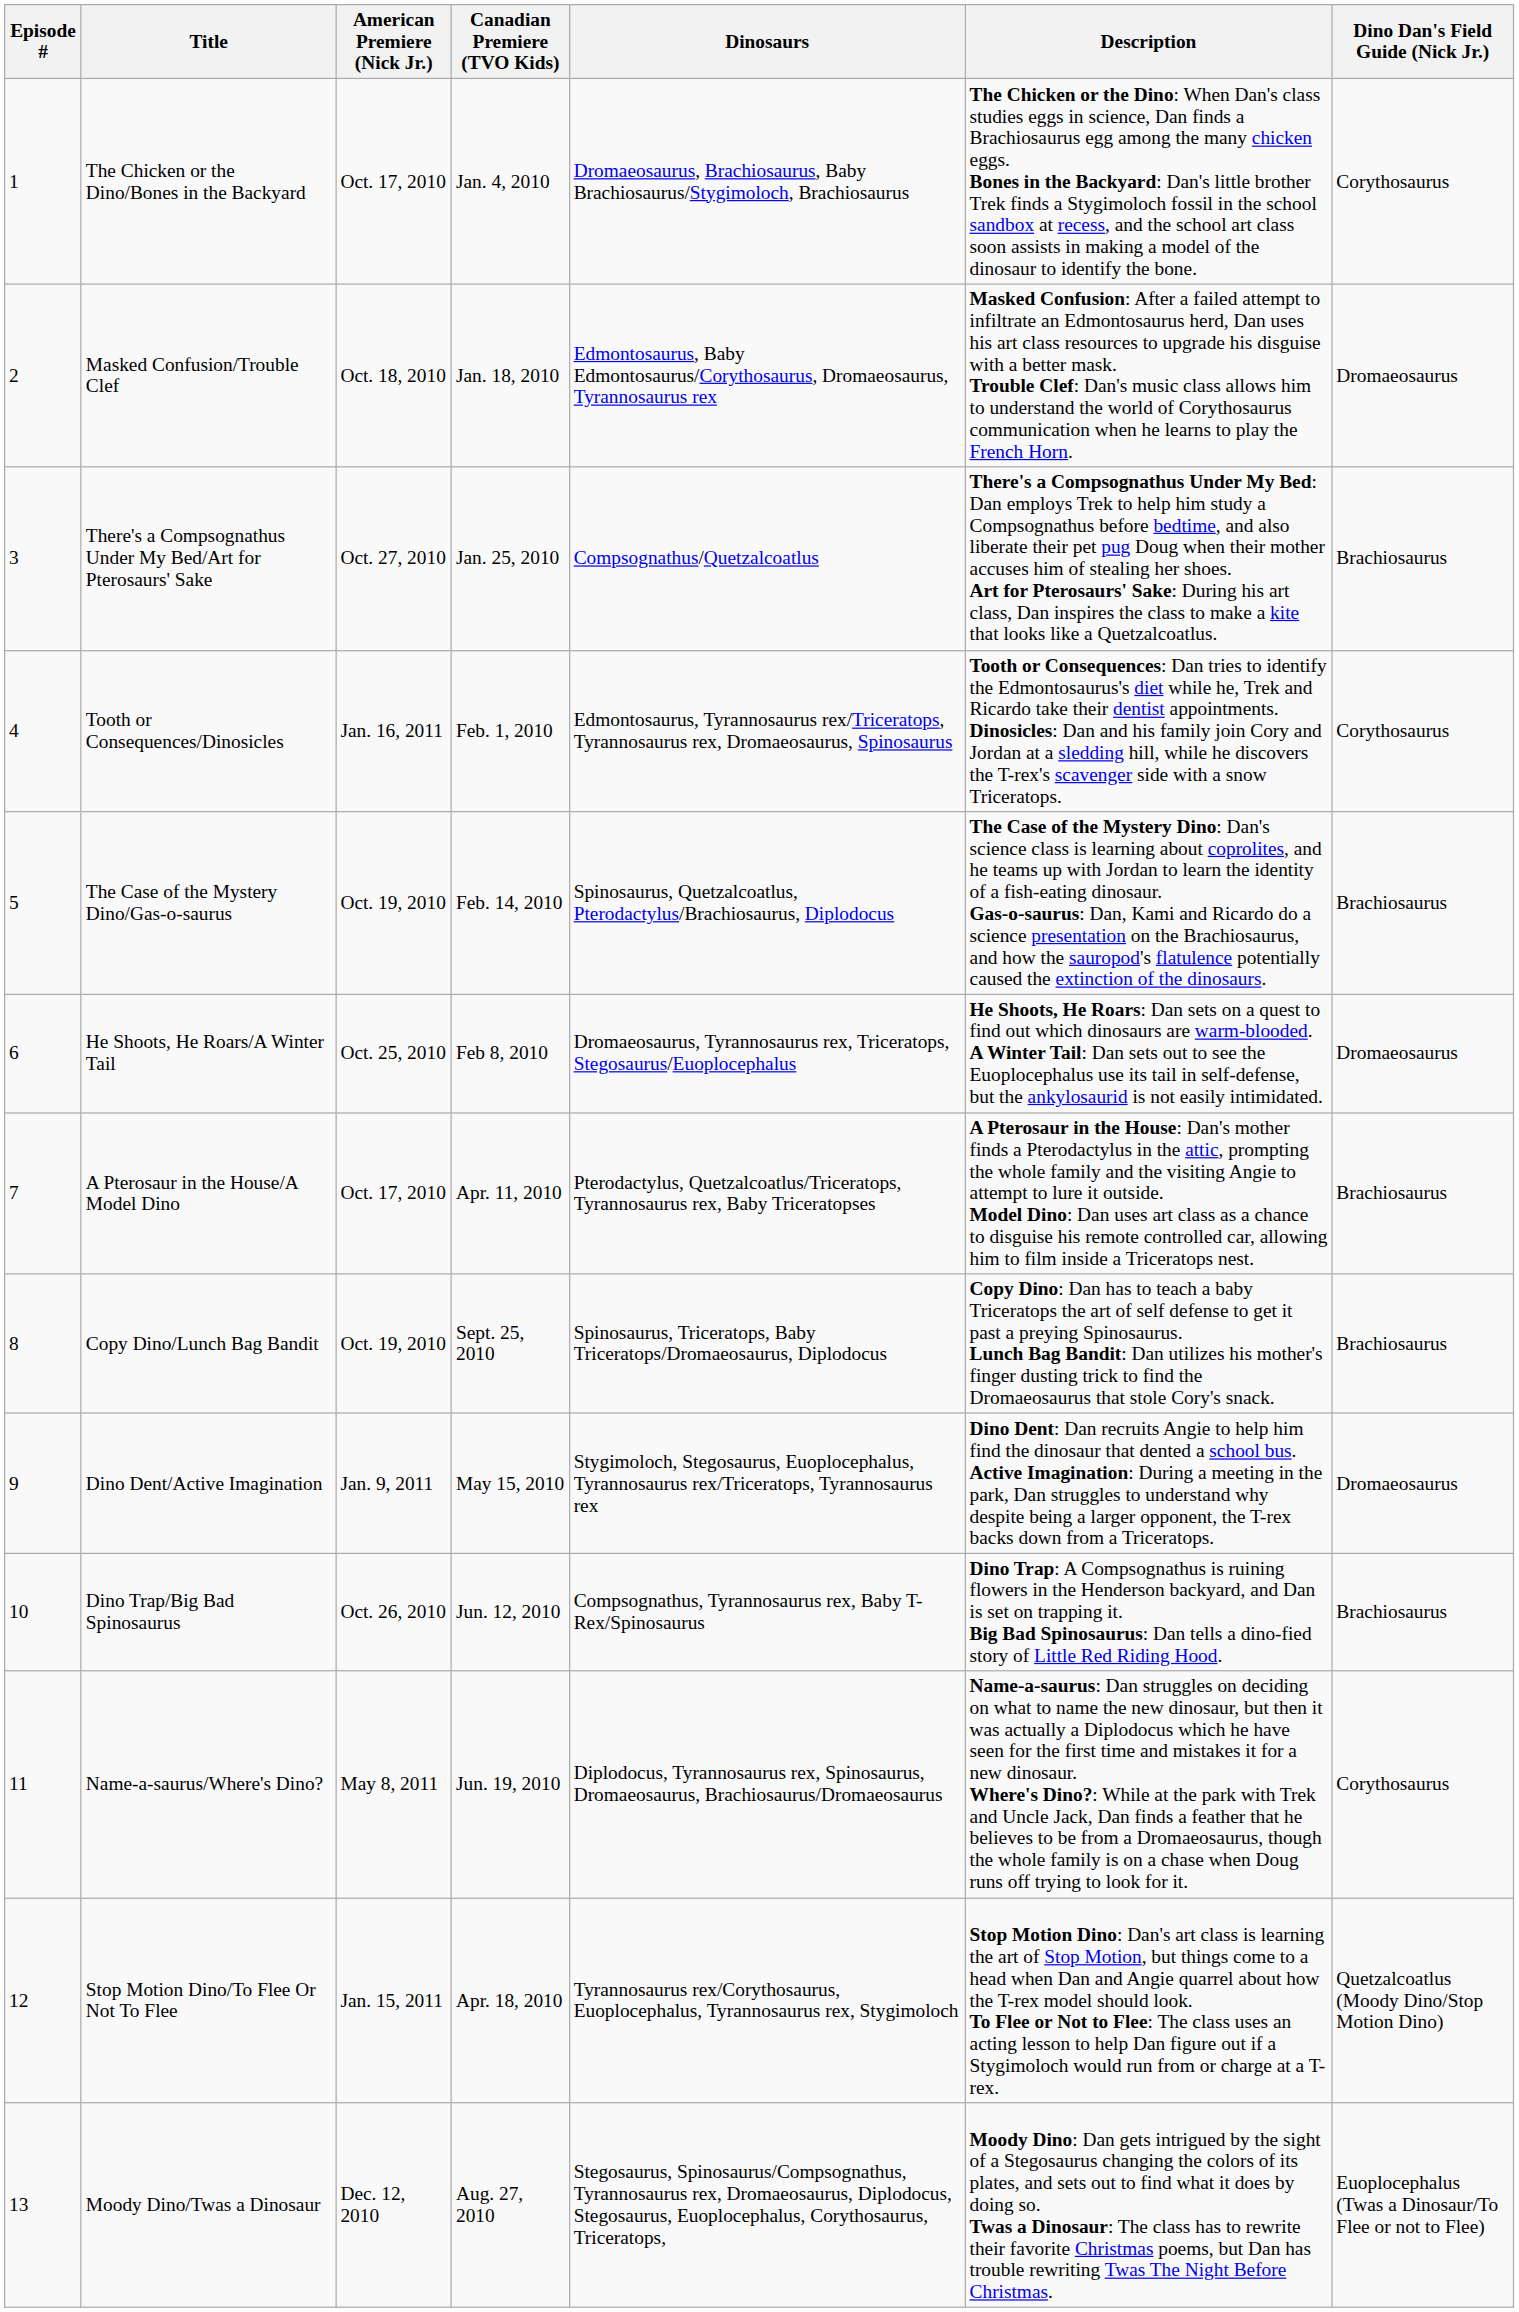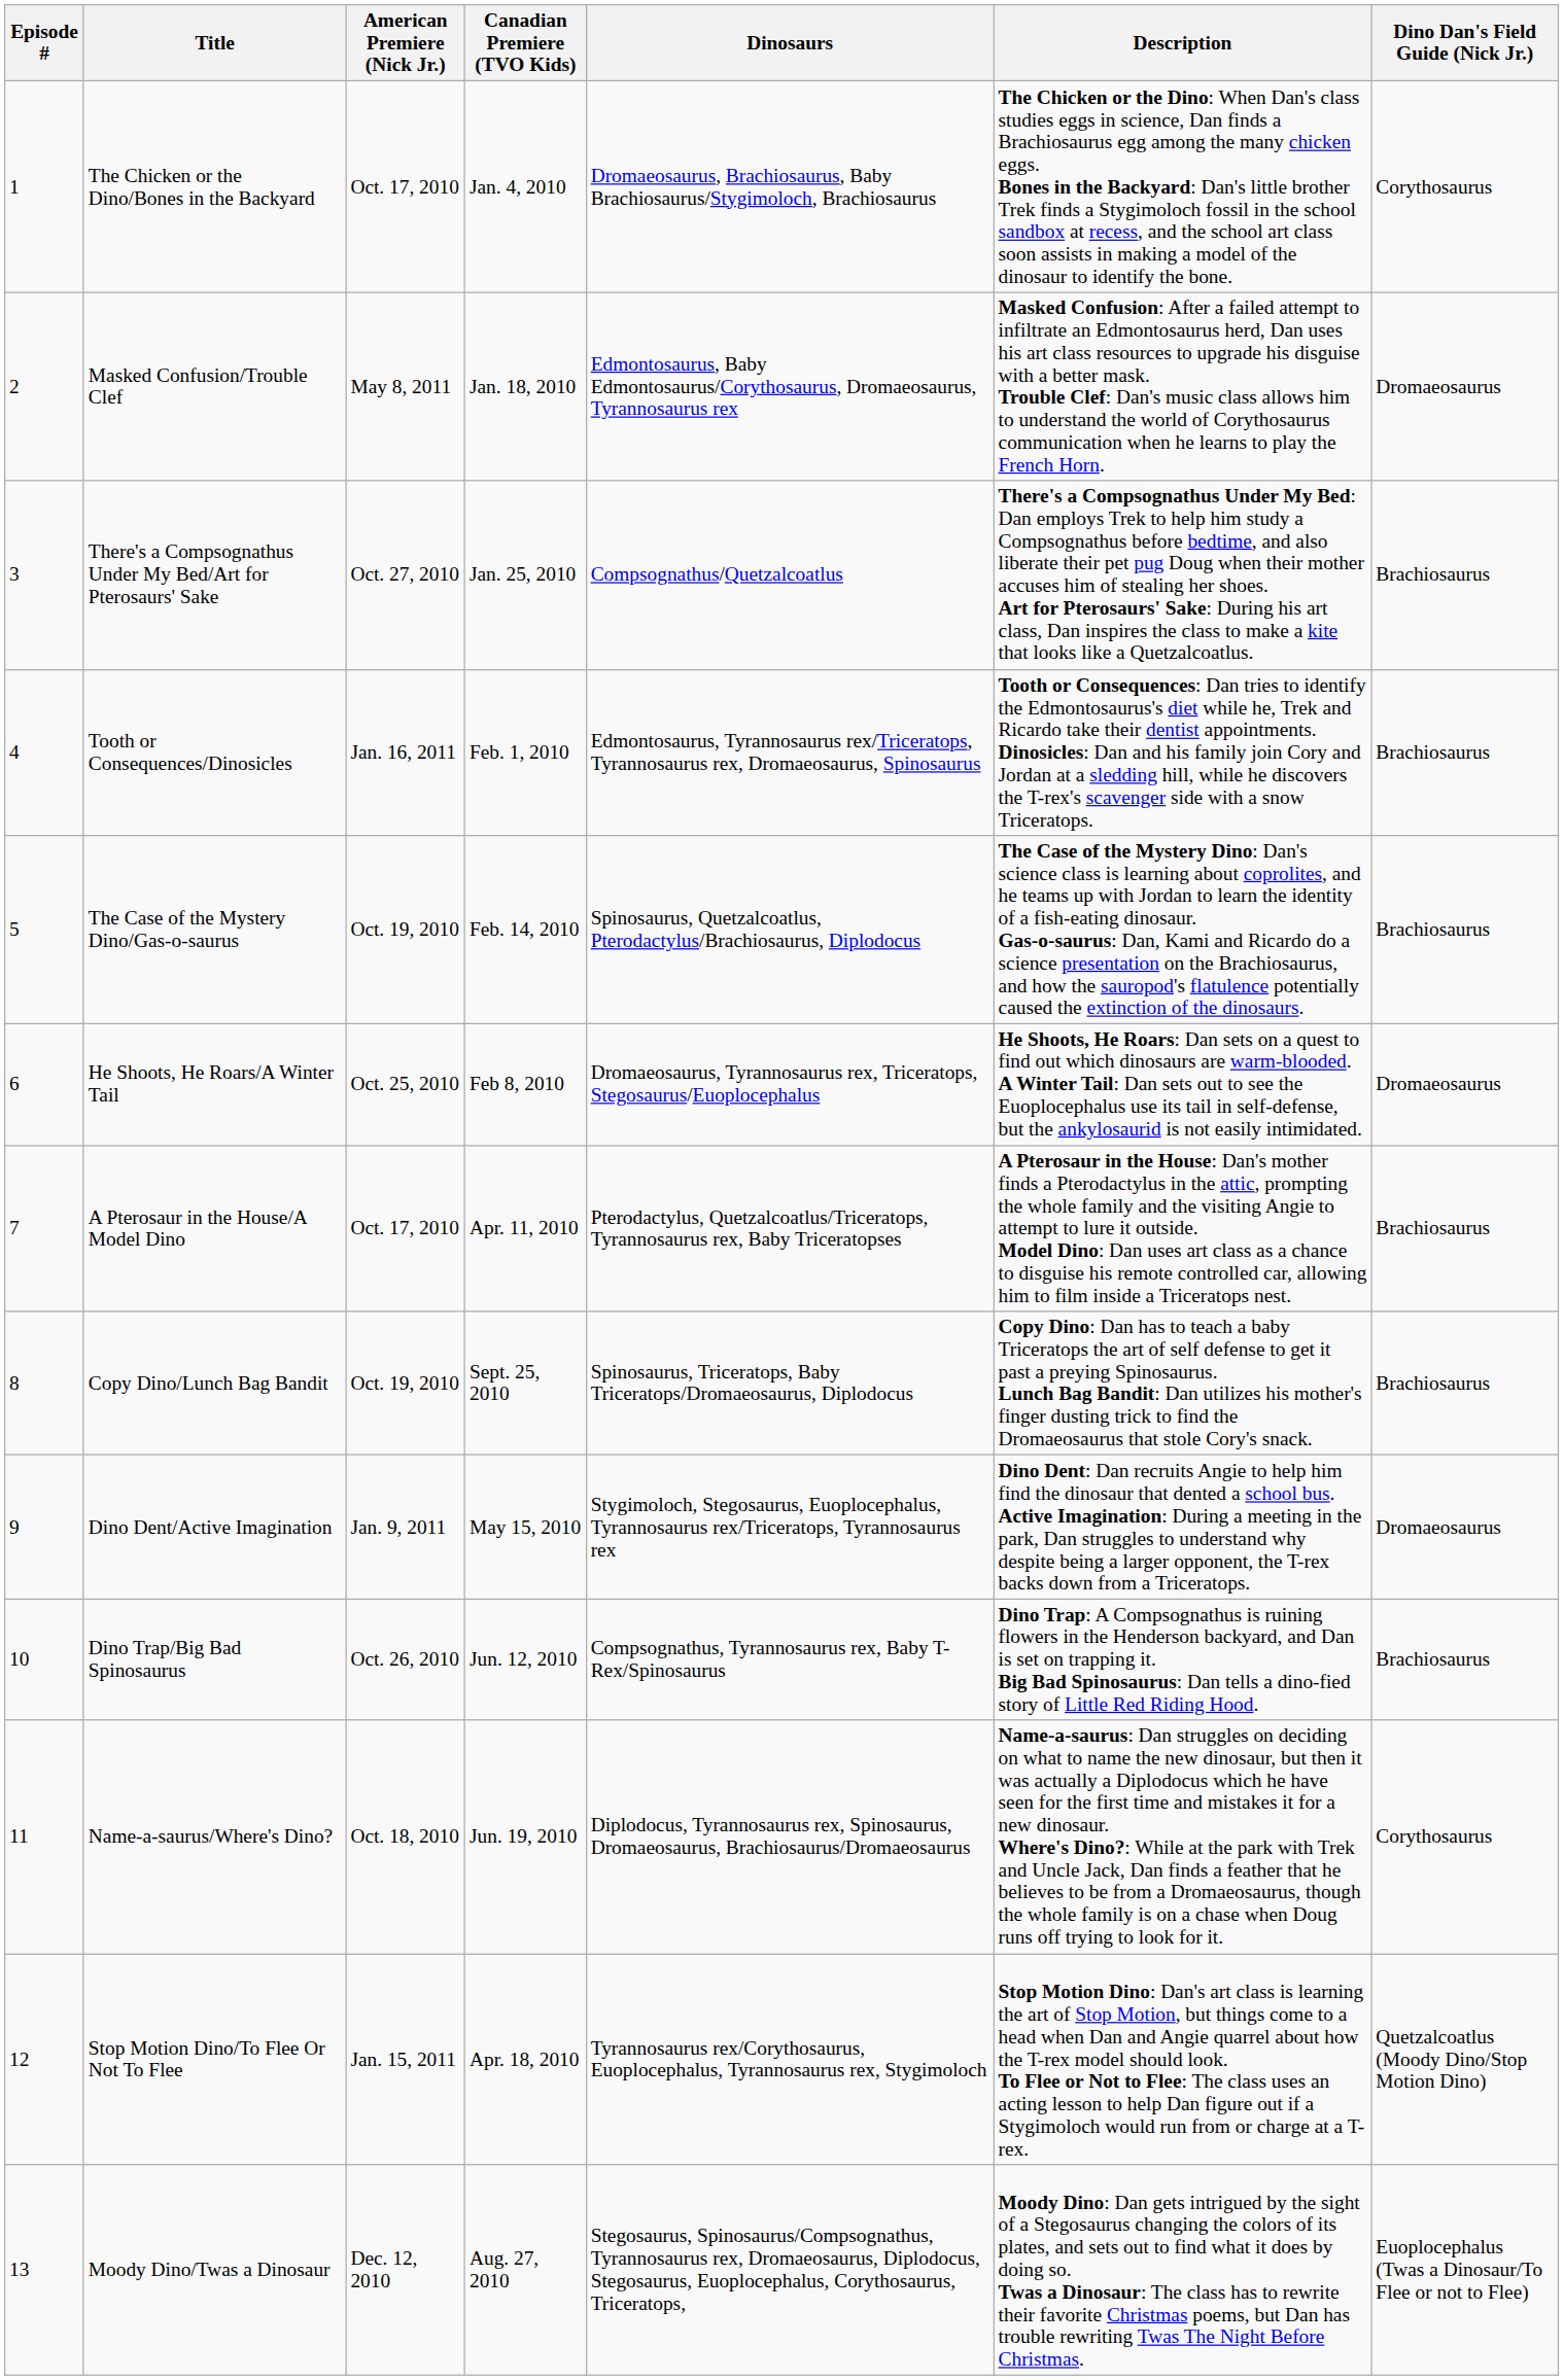 <table class="wikitable">
 <tr>
 <th>Episode #</th>
 <th>Title</th>
 <th>American Premiere (Nick Jr.)</th>
 <th>Canadian Premiere (TVO Kids)</th>
 <th>Dinosaurs</th>
 <th>Description</th>
 <th>Dino Dan's Field Guide (Nick Jr.)</th>
 </tr>
 <tr>
 <td>1</td>
 <td>The Chicken or the Dino/Bones in the Backyard</td>
 <td>Oct. 17, 2010</td>
 <td>Jan. 4, 2010</td>
 <td><a href='#'>Dromaeosaurus</a>, <a href='#'>Brachiosaurus</a>, Baby Brachiosaurus/<a href='#'>Stygimoloch</a>, Brachiosaurus</td>
 <td><strong>The Chicken or the Dino</strong>: When Dan's class studies eggs in science, Dan finds a Brachiosaurus egg among the many <a href='#'>chicken</a> eggs.<br><strong>Bones in the Backyard</strong>: Dan's little brother Trek finds a Stygimoloch fossil in the school <a href='#'>sandbox</a> at <a href='#'>recess</a>, and the school art class soon assists in making a model of the dinosaur to identify the bone.</td>
 <td>Corythosaurus</td>
 </tr>
 <tr>
 <td>2</td>
 <td>Masked Confusion/Trouble Clef</td>
-<td>Oct. 18, 2010</td>
+<td>May 8, 2011</td>
 <td>Jan. 18, 2010</td>
 <td><a href='#'>Edmontosaurus</a>, Baby Edmontosaurus/<a href='#'>Corythosaurus</a>, Dromaeosaurus, <a href='#'>Tyrannosaurus rex</a></td>
 <td><strong>Masked Confusion</strong>: After a failed attempt to infiltrate an Edmontosaurus herd, Dan uses his art class resources to upgrade his disguise with a better mask.<br><strong>Trouble Clef</strong>: Dan's music class allows him to understand the world of Corythosaurus communication when he learns to play the <a href='#'>French Horn</a>.</td>
 <td>Dromaeosaurus</td>
 </tr>
 <tr>
 <td>3</td>
 <td>There's a Compsognathus Under My Bed/Art for Pterosaurs' Sake</td>
 <td>Oct. 27, 2010</td>
 <td>Jan. 25, 2010</td>
 <td><a href='#'>Compsognathus</a>/<a href='#'>Quetzalcoatlus</a></td>
 <td><strong>There's a Compsognathus Under My Bed</strong>: Dan employs Trek to help him study a Compsognathus before <a href='#'>bedtime</a>, and also liberate their pet <a href='#'>pug</a> Doug when their mother accuses him of stealing her shoes.<br><strong>Art for Pterosaurs' Sake</strong>: During his art class, Dan inspires the class to make a <a href='#'>kite</a> that looks like a Quetzalcoatlus.</td>
 <td>Brachiosaurus</td>
 </tr>
 <tr>
 <td>4</td>
 <td>Tooth or Consequences/Dinosicles</td>
 <td>Jan. 16, 2011</td>
 <td>Feb. 1, 2010</td>
 <td>Edmontosaurus, Tyrannosaurus rex/<a href='#'>Triceratops</a>, Tyrannosaurus rex, Dromaeosaurus, <a href='#'>Spinosaurus</a></td>
 <td><strong>Tooth or Consequences</strong>: Dan tries to identify the Edmontosaurus's <a href='#'>diet</a> while he, Trek and Ricardo take their <a href='#'>dentist</a> appointments.<br><strong>Dinosicles</strong>: Dan and his family join Cory and Jordan at a <a href='#'>sledding</a> hill, while he discovers the T-rex's <a href='#'>scavenger</a> side with a snow Triceratops.</td>
-<td>Corythosaurus</td>
+<td>Brachiosaurus</td>
 </tr>
 <tr>
 <td>5</td>
 <td>The Case of the Mystery Dino/Gas-o-saurus</td>
 <td>Oct. 19, 2010</td>
 <td>Feb. 14, 2010</td>
 <td>Spinosaurus, Quetzalcoatlus, <a href='#'>Pterodactylus</a>/Brachiosaurus, <a href='#'>Diplodocus</a></td>
 <td><strong>The Case of the Mystery Dino</strong>: Dan's science class is learning about <a href='#'>coprolites</a>, and he teams up with Jordan to learn the identity of a fish-eating dinosaur.<br><strong>Gas-o-saurus</strong>: Dan, Kami and Ricardo do a science <a href='#'>presentation</a> on the Brachiosaurus, and how the <a href='#'>sauropod</a>'s <a href='#'>flatulence</a> potentially caused the <a href='#'>extinction of the dinosaurs</a>.</td>
 <td>Brachiosaurus</td>
 </tr>
 <tr>
 <td>6</td>
 <td>He Shoots, He Roars/A Winter Tail</td>
 <td>Oct. 25, 2010</td>
 <td>Feb 8, 2010</td>
 <td>Dromaeosaurus, Tyrannosaurus rex, Triceratops, <a href='#'>Stegosaurus</a>/<a href='#'>Euoplocephalus</a></td>
 <td><strong>He Shoots, He Roars</strong>: Dan sets on a quest to find out which dinosaurs are <a href='#'>warm-blooded</a>.<br><strong>A Winter Tail</strong>: Dan sets out to see the Euoplocephalus use its tail in self-defense, but the <a href='#'>ankylosaurid</a> is not easily intimidated.</td>
 <td>Dromaeosaurus</td>
 </tr>
 <tr>
 <td>7</td>
 <td>A Pterosaur in the House/A Model Dino</td>
 <td>Oct. 17, 2010</td>
 <td>Apr. 11, 2010</td>
 <td>Pterodactylus, Quetzalcoatlus/Triceratops, Tyrannosaurus rex, Baby Triceratopses</td>
 <td><strong>A Pterosaur in the House</strong>: Dan's mother finds a Pterodactylus in the <a href='#'>attic</a>, prompting the whole family and the visiting Angie to attempt to lure it outside.<br><strong>Model Dino</strong>: Dan uses art class as a chance to disguise his remote controlled car, allowing him to film inside a Triceratops nest.</td>
 <td>Brachiosaurus</td>
 </tr>
 <tr>
 <td>8</td>
 <td>Copy Dino/Lunch Bag Bandit</td>
 <td>Oct. 19, 2010</td>
 <td>Sept. 25, 2010</td>
 <td>Spinosaurus, Triceratops, Baby Triceratops/Dromaeosaurus, Diplodocus</td>
 <td><strong>Copy Dino</strong>: Dan has to teach a baby Triceratops the art of self defense to get it past a preying Spinosaurus.<br><strong>Lunch Bag Bandit</strong>: Dan utilizes his mother's finger dusting trick to find the Dromaeosaurus that stole Cory's snack.</td>
 <td>Brachiosaurus</td>
 </tr>
 <tr>
 <td>9</td>
 <td>Dino Dent/Active Imagination</td>
 <td>Jan. 9, 2011</td>
 <td>May 15, 2010</td>
 <td>Stygimoloch, Stegosaurus, Euoplocephalus, Tyrannosaurus rex/Triceratops, Tyrannosaurus rex</td>
 <td><strong>Dino Dent</strong>: Dan recruits Angie to help him find the dinosaur that dented a <a href='#'>school bus</a>.<br><strong>Active Imagination</strong>: During a meeting in the park, Dan struggles to understand why despite being a larger opponent, the T-rex backs down from a Triceratops.</td>
 <td>Dromaeosaurus</td>
 </tr>
 <tr>
 <td>10</td>
 <td>Dino Trap/Big Bad Spinosaurus</td>
 <td>Oct. 26, 2010</td>
 <td>Jun. 12, 2010</td>
 <td>Compsognathus, Tyrannosaurus rex, Baby T-Rex/Spinosaurus</td>
 <td><strong>Dino Trap</strong>: A Compsognathus is ruining flowers in the Henderson backyard, and Dan is set on trapping it.<br><strong>Big Bad Spinosaurus</strong>: Dan tells a dino-fied story of <a href='#'>Little Red Riding Hood</a>.</td>
 <td>Brachiosaurus</td>
 </tr>
 <tr>
 <td>11</td>
 <td>Name-a-saurus/Where's Dino?</td>
-<td>May 8, 2011</td>
+<td>Oct. 18, 2010</td>
 <td>Jun. 19, 2010</td>
 <td>Diplodocus, Tyrannosaurus rex, Spinosaurus, Dromaeosaurus, Brachiosaurus/Dromaeosaurus</td>
 <td><strong>Name-a-saurus</strong>: Dan struggles on deciding on what to name the new dinosaur, but then it was actually a Diplodocus which he have seen for the first time and mistakes it for a new dinosaur.<br><strong>Where's Dino?</strong>: While at the park with Trek and Uncle Jack, Dan finds a feather that he believes to be from a Dromaeosaurus, though the whole family is on a chase when Doug runs off trying to look for it.</td>
 <td>Corythosaurus</td>
 </tr>
 <tr>
 <td>12</td>
 <td>Stop Motion Dino/To Flee Or Not To Flee</td>
 <td>Jan. 15, 2011</td>
 <td>Apr. 18, 2010</td>
 <td>Tyrannosaurus rex/Corythosaurus, Euoplocephalus, Tyrannosaurus rex, Stygimoloch</td>
 <td><br><strong>Stop Motion Dino</strong>: Dan's art class is learning the art of <a href='#'>Stop Motion</a>, but things come to a head when Dan and Angie quarrel about how the T-rex model should look.<br><strong>To Flee or Not to Flee</strong>: The class uses an acting lesson to help Dan figure out if a Stygimoloch would run from or charge at a T-rex.</td>
 <td>Quetzalcoatlus (Moody Dino/Stop Motion Dino)</td>
 </tr>
 <tr>
 <td>13</td>
 <td>Moody Dino/Twas a Dinosaur</td>
 <td>Dec. 12, 2010</td>
 <td>Aug. 27, 2010</td>
 <td>Stegosaurus, Spinosaurus/Compsognathus, Tyrannosaurus rex, Dromaeosaurus, Diplodocus, Stegosaurus, Euoplocephalus, Corythosaurus, Triceratops,</td>
 <td><br><strong>Moody Dino</strong>: Dan gets intrigued by the sight of a Stegosaurus changing the colors of its plates, and sets out to find what it does by doing so.<br><strong>Twas a Dinosaur</strong>: The class has to rewrite their favorite <a href='#'>Christmas</a> poems, but Dan has trouble rewriting <a href='#'>Twas The Night Before Christmas</a>.</td>
 <td>Euoplocephalus (Twas a Dinosaur/To Flee or not to Flee)</td>
 </tr>
 </table>
